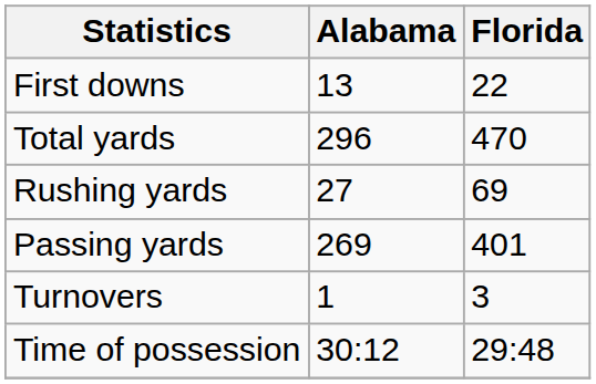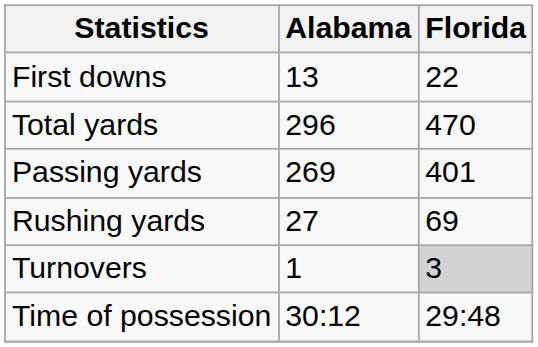 <table class="wikitable" style="float: left;">
 <tr>
 <th>Statistics</th>
 <th>Alabama</th>
 <th>Florida</th>
 </tr>
 <tr>
 <td>First downs</td>
 <td>13</td>
 <td>22</td>
 </tr>
 <tr>
 <td>Total yards</td>
 <td>296</td>
 <td>470</td>
 </tr>
 <tr>
+<td>Passing yards</td>
+<td>269</td>
+<td>401</td>
+</tr>
+<tr>
 <td>Rushing yards</td>
 <td>27</td>
 <td>69</td>
 </tr>
 <tr>
-<td>Passing yards</td>
-<td>269</td>
-<td>401</td>
-</tr>
-<tr>
 <td>Turnovers</td>
 <td>1</td>
-<td>3</td>
+<td style="background: lightgrey;">3</td>
 </tr>
 <tr>
 <td>Time of possession</td>
 <td>30:12</td>
 <td>29:48</td>
 </tr>
 <tr>
 </tr>
 </table>
